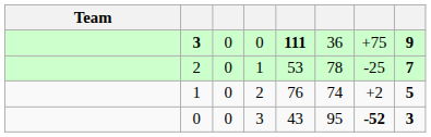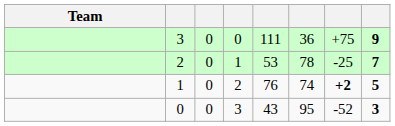 <table class="wikitable" style="text-align:center;">
 <tr>
 <th style="width:10.5em;">Team</th>
 <th style="width:1.5em;"></th>
 <th style="width:1.5em;"></th>
 <th style="width:1.5em;"></th>
 <th style="width:2.0em;"></th>
 <th style="width:2.0em;"></th>
 <th style="width:2.0em;"></th>
 <th style="width:1.5em;"></th>
 </tr>
 <tr bgcolor=#cfc>
 <td align="left"></td>
-<td><strong>3</strong></td>
+<td>3</td>
 <td>0</td>
 <td>0</td>
-<td><strong>111</strong></td>
+<td>111</td>
 <td>36</td>
 <td>+75</td>
 <td><strong>9</strong></td>
 </tr>
 <tr bgcolor=#cfc>
 <td align="left"></td>
 <td>2</td>
 <td>0</td>
 <td>1</td>
 <td>53</td>
 <td>78</td>
 <td>-25</td>
 <td><strong>7</strong></td>
 </tr>
 <tr>
 <td align="left"></td>
 <td>1</td>
 <td>0</td>
 <td>2</td>
 <td>76</td>
 <td>74</td>
-<td>+2</td>
+<td><strong>+2</strong></td>
 <td><strong>5</strong></td>
 </tr>
 <tr>
 <td align="left"></td>
 <td>0</td>
 <td>0</td>
 <td>3</td>
 <td>43</td>
 <td>95</td>
-<td><strong>-52</strong></td>
+<td>-52</td>
 <td><strong>3</strong></td>
 </tr>
 </table>
